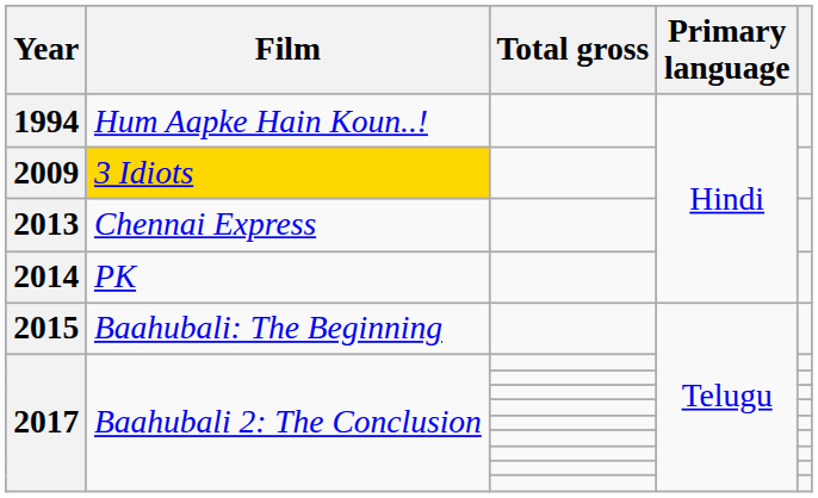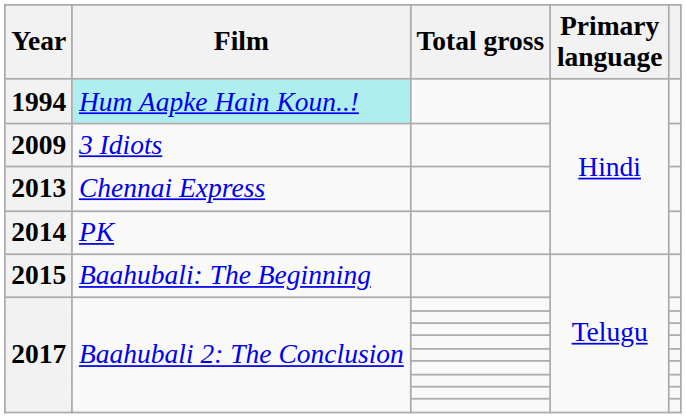 <table class="wikitable sortable plainrowheaders">
 <tr>
 <th scope="col">Year</th>
 <th scope="col">Film</th>
 <th scope="col">Total gross</th>
 <th scope="col">Primary<br>language</th>
 <th class="unsortable"></th>
 </tr>
 <tr>
 <th scope="row" style=text-align:right>1994</th>
-<td><em><a href='#'>Hum Aapke Hain Koun..!</a></em></td>
+<td style="background: paleturquoise;"><em><a href='#'>Hum Aapke Hain Koun..!</a></em></td>
 <td align="right"></td>
 <td rowspan="4" align="center"><a href='#'>Hindi</a></td>
 <td align="center"></td>
 </tr>
 <tr>
 <th scope="row" style=text-align:right>2009</th>
-<td style="background: gold;"><em><a href='#'>3 Idiots</a></em></td>
+<td><em><a href='#'>3 Idiots</a></em></td>
 <td align="right"></td>
 <td align="center"></td>
 </tr>
 <tr>
 <th scope="row" style=text-align:right>2013</th>
 <td><em><a href='#'>Chennai Express</a></em></td>
 <td align="right"></td>
 <td align="center"></td>
 </tr>
 <tr>
 <th scope="row" style=text-align:right>2014</th>
 <td><em><a href='#'>PK</a></em></td>
 <td align="right"></td>
 <td align="center"></td>
 </tr>
 <tr>
 <th scope="row" style=text-align:right>2015</th>
 <td><em><a href='#'>Baahubali: The Beginning</a></em></td>
 <td align="right"></td>
 <td rowspan="10" align="center"><a href='#'>Telugu</a></td>
 <td align="center"></td>
 </tr>
 <tr>
 <th rowspan="9" scope="row" style="text-align:right">2017</th>
 <td rowspan="9"><em><a href='#'>Baahubali 2: The Conclusion</a></em></td>
 <td align="right"></td>
 <td align="center"></td>
 </tr>
 <tr>
 <td align="right"></td>
 <td></td>
 </tr>
 <tr>
 <td align="right"></td>
 <td></td>
 </tr>
 <tr>
 <td align="right"></td>
 <td></td>
 </tr>
 <tr>
 <td align="right"></td>
 <td></td>
 </tr>
 <tr>
 <td align="right"></td>
 <td></td>
 </tr>
 <tr>
 <td align="right"></td>
 <td></td>
 </tr>
 <tr>
 <td align="right"></td>
 <td></td>
 </tr>
 <tr>
 <td align="right"></td>
 <td></td>
 </tr>
 </table>
